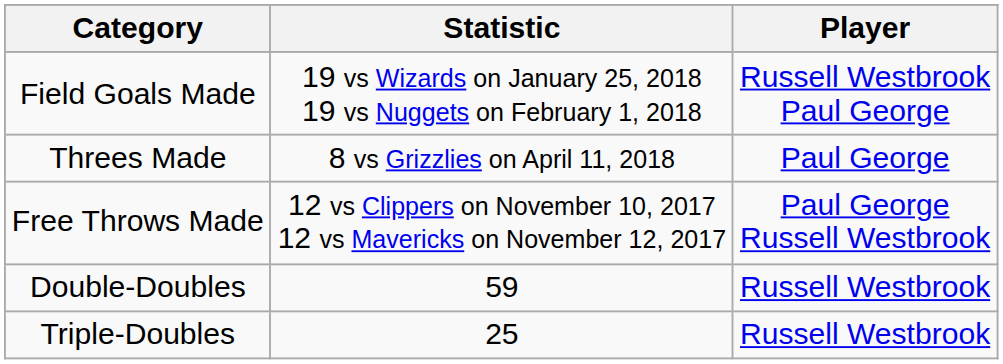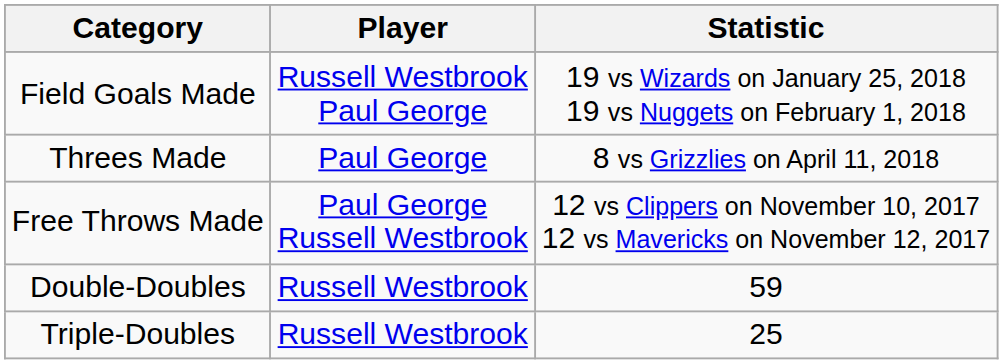 <table class="wikitable sortable sortable" style="text-align: center">
 <tr>
 <th>Category</th>
+<th>Player</th>
 <th>Statistic</th>
-<th>Player</th>
 </tr>
 <tr style="text-align: center">
 <td>Field Goals Made</td>
+<td><a href='#'>Russell Westbrook</a><br><a href='#'>Paul George</a></td>
 <td>19 <small>vs <a href='#'>Wizards</a> on January 25, 2018</small><br>19 <small>vs <a href='#'>Nuggets</a> on February 1, 2018</small></td>
-<td><a href='#'>Russell Westbrook</a><br><a href='#'>Paul George</a></td>
 </tr>
 <tr style="text-align: center">
 <td>Threes Made</td>
+<td><a href='#'>Paul George</a></td>
 <td>8 <small>vs <a href='#'>Grizzlies</a> on April 11, 2018</small></td>
-<td><a href='#'>Paul George</a></td>
 </tr>
 <tr style="text-align: center">
 <td>Free Throws Made</td>
+<td><a href='#'>Paul George</a><br><a href='#'>Russell Westbrook</a></td>
 <td>12 <small>vs <a href='#'>Clippers</a> on November 10, 2017</small><br>12 <small>vs <a href='#'>Mavericks</a> on November 12, 2017</small></td>
-<td><a href='#'>Paul George</a><br><a href='#'>Russell Westbrook</a></td>
 </tr>
 <tr style="text-align: center">
 <td>Double-Doubles</td>
+<td><a href='#'>Russell Westbrook</a></td>
 <td>59</td>
-<td><a href='#'>Russell Westbrook</a></td>
 </tr>
 <tr style="text-align: center">
 <td>Triple-Doubles</td>
+<td><a href='#'>Russell Westbrook</a></td>
 <td>25</td>
-<td><a href='#'>Russell Westbrook</a></td>
 </tr>
 </table>
